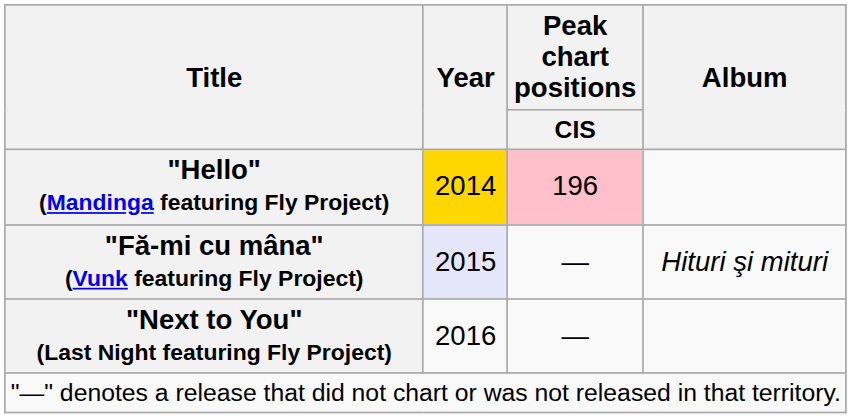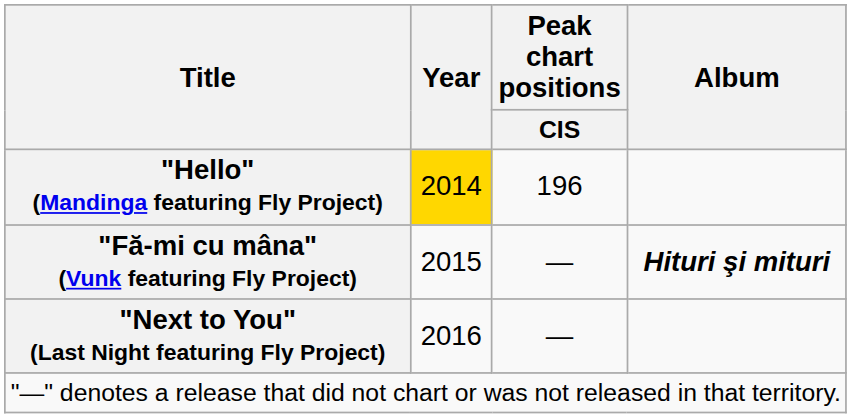 <table class="wikitable plainrowheaders" style="text-align:center;">
 <tr>
 <th scope="col" rowspan="2">Title</th>
 <th scope="col" rowspan="2">Year</th>
 <th scope="col" colspan="1">Peak chart positions</th>
 <th scope="col" rowspan="2">Album</th>
 </tr>
 <tr>
 <th scope="col" style="width:3em;font-size:90%;">CIS<br></th>
 </tr>
 <tr>
 <th scope="row">"Hello"<br><small>(<a href='#'>Mandinga</a> featuring Fly Project)</small></th>
 <td style="background: gold;">2014</td>
-<td style="background: pink;">196</td>
+<td>196</td>
 <td></td>
 </tr>
 <tr>
 <th scope="row">"Fă-mi cu mâna"<br><small>(<a href='#'>Vunk</a> featuring Fly Project)</small></th>
-<td style="background: lavender;">2015</td>
+<td>2015</td>
 <td>—</td>
-<td><em>Hituri şi mituri</em></td>
+<td><strong><em>Hituri şi mituri</em></strong></td>
 </tr>
 <tr>
 <th scope="row">"Next to You"<br><small>(Last Night featuring Fly Project)</small></th>
 <td>2016</td>
 <td>—</td>
 <td></td>
 </tr>
 <tr>
 <td colspan="15" style="font-size:90%">"—" denotes a release that did not chart or was not released in that territory.</td>
 </tr>
 </table>
